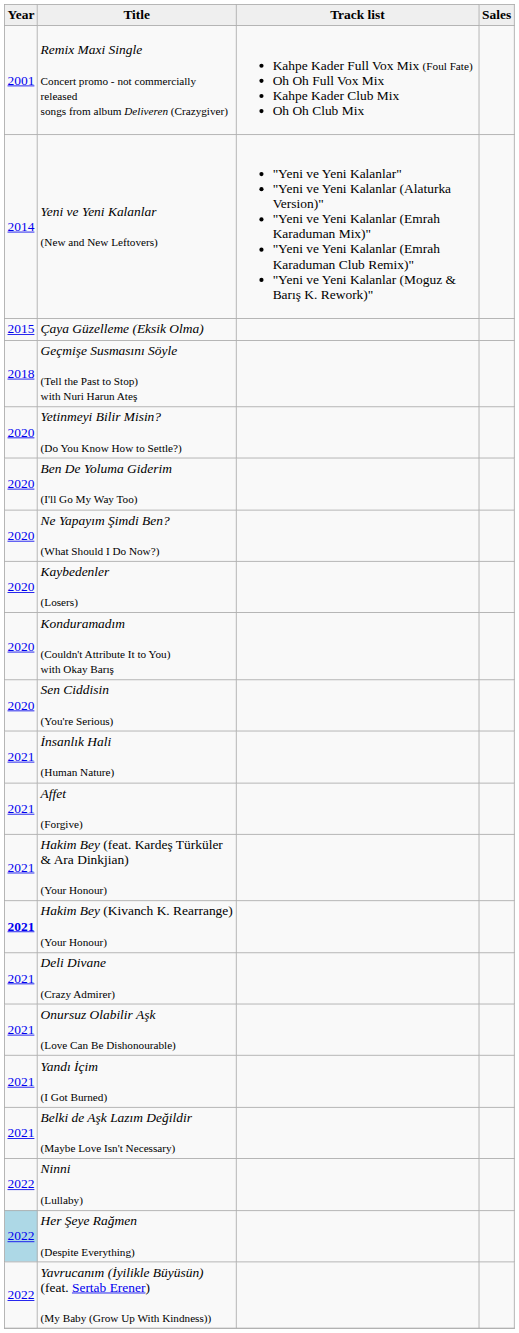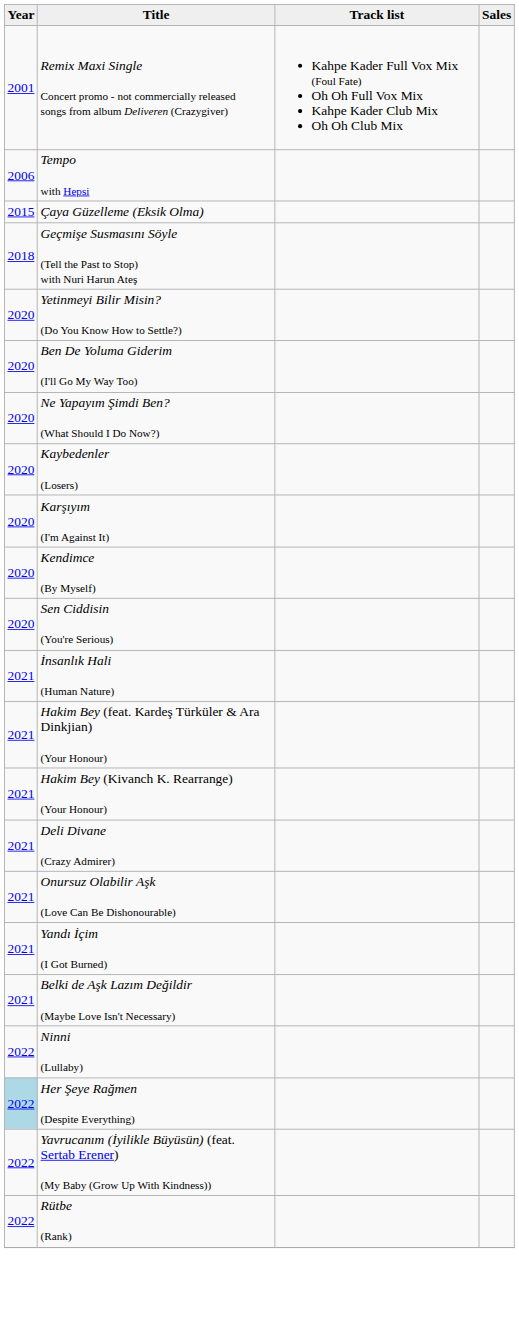 <table class="wikitable">
 <tr>
 <th style="background:#efefef;">Year</th>
 <th style="background:#efefef;">Title</th>
 <th style="background:#efefef;">Track list</th>
 <th style="background:#efefef;">Sales</th>
 </tr>
 <tr>
 <td><a href='#'>2001</a></td>
 <td><em>Remix Maxi Single</em><br><br><small>Concert promo - not commercially released</small> <br><small>songs from album <em>Deliveren</em> (Crazygiver)</small></td>
 <td><br><ul><li>Kahpe Kader Full Vox Mix <small>(Foul Fate)</small></li><li>Oh Oh Full Vox Mix</li><li>Kahpe Kader Club Mix</li><li>Oh Oh Club Mix</li></ul></td>
 <td></td>
 </tr>
 <tr>
-<td><a href='#'>2014</a></td>
-<td><em>Yeni ve Yeni Kalanlar</em><br><br><small>(New and New Leftovers)</small></td>
-<td><br><ul><li>"Yeni ve Yeni Kalanlar"</li><li>"Yeni ve Yeni Kalanlar (Alaturka Version)"</li><li>"Yeni ve Yeni Kalanlar (Emrah Karaduman Mix)"</li><li>"Yeni ve Yeni Kalanlar (Emrah Karaduman Club Remix)"</li><li>"Yeni ve Yeni Kalanlar (Moguz & Barış K. Rework)"</li></ul></td>
+<td><a href='#'>2006</a></td>
+<td><em>Tempo</em><br><br><small>with <a href='#'>Hepsi</a></small></td>
+<td></td>
 <td></td>
 </tr>
 <tr>
 <td><a href='#'>2015</a></td>
 <td><em>Çaya Güzelleme (Eksik Olma)</em></td>
 <td></td>
 <td></td>
 </tr>
 <tr>
 <td><a href='#'>2018</a></td>
 <td><em>Geçmişe Susmasını Söyle</em><br><br><small>(Tell the Past to Stop)</small> <br><small>with Nuri Harun Ateş</small></td>
 <td></td>
 <td></td>
 </tr>
 <tr>
 <td><a href='#'>2020</a></td>
 <td><em>Yetinmeyi Bilir Misin?</em><br><br><small>(Do You Know How to Settle?)</small></td>
 <td></td>
 <td></td>
 </tr>
 <tr>
 <td><a href='#'>2020</a></td>
 <td><em>Ben De Yoluma Giderim</em><br><br><small>(I'll Go My Way Too)</small></td>
 <td></td>
 <td></td>
 </tr>
 <tr>
 <td><a href='#'>2020</a></td>
 <td><em>Ne Yapayım Şimdi Ben?</em><br><br><small>(What Should I Do Now?)</small></td>
 <td></td>
 <td></td>
 </tr>
 <tr>
 <td><a href='#'>2020</a></td>
 <td><em>Kaybedenler</em><br><br><small>(Losers)</small></td>
 <td></td>
 <td></td>
 </tr>
 <tr>
 <td><a href='#'>2020</a></td>
-<td><em>Konduramadım</em><br><br><small>(Couldn't Attribute It to You)</small> <br><small>with Okay Barış</small></td>
+<td><em>Karşıyım</em><br><br><small>(I'm Against It)</small></td>
+<td></td>
+<td></td>
+</tr>
+<tr>
+<td><a href='#'>2020</a></td>
+<td><em>Kendimce</em><br><br><small>(By Myself)</small></td>
 <td></td>
 <td></td>
 </tr>
 <tr>
 <td><a href='#'>2020</a></td>
 <td><em>Sen Ciddisin</em><br><br><small>(You're Serious)</small></td>
 <td></td>
 <td></td>
 </tr>
 <tr>
 <td><a href='#'>2021</a></td>
 <td><em>İnsanlık Hali</em><br><br><small>(Human Nature)</small></td>
 <td></td>
 <td></td>
 </tr>
 <tr>
 <td><a href='#'>2021</a></td>
-<td><em>Affet</em><br><br><small>(Forgive)</small></td>
+<td><em>Hakim Bey</em> (feat. Kardeş Türküler & Ara Dinkjian)<br><br><small>(Your Honour)</small></td>
 <td></td>
 <td></td>
 </tr>
 <tr>
 <td><a href='#'>2021</a></td>
-<td><em>Hakim Bey</em> (feat. Kardeş Türküler & Ara Dinkjian)<br><br><small>(Your Honour)</small></td>
-<td></td>
-<td></td>
-</tr>
-<tr>
-<td><strong><a href='#'>2021</a></strong></td>
 <td><em>Hakim Bey</em> (Kivanch K. Rearrange)<br><br><small>(Your Honour)</small></td>
 <td></td>
 <td></td>
 </tr>
 <tr>
 <td><a href='#'>2021</a></td>
 <td><em>Deli Divane</em><br><br><small>(Crazy Admirer)</small></td>
 <td></td>
 <td></td>
 </tr>
 <tr>
 <td><a href='#'>2021</a></td>
 <td><em>Onursuz Olabilir Aşk</em><br><br><small>(Love Can Be Dishonourable)</small></td>
 <td></td>
 <td></td>
 </tr>
 <tr>
 <td><a href='#'>2021</a></td>
 <td><em>Yandı İçim</em><br><br><small>(I Got Burned)</small></td>
 <td></td>
 <td></td>
 </tr>
 <tr>
 <td><a href='#'>2021</a></td>
 <td><em>Belki de Aşk Lazım Değildir</em><br><br><small>(Maybe Love Isn't Necessary)</small></td>
 <td></td>
 <td></td>
 </tr>
 <tr>
 <td><a href='#'>2022</a></td>
 <td><em>Ninni</em><br><br><small>(Lullaby)</small></td>
 <td></td>
 <td></td>
 </tr>
 <tr>
 <td style="background: lightblue;"><a href='#'>2022</a></td>
 <td><em>Her Şeye Rağmen</em><br><br><small>(Despite Everything)</small></td>
 <td></td>
 <td></td>
 </tr>
 <tr>
 <td><a href='#'>2022</a></td>
 <td><em>Yavrucanım (İyilikle Büyüsün)</em> (feat. <a href='#'>Sertab Erener</a>)<br><br><small>(My Baby (Grow Up With Kindness))</small></td>
 <td></td>
 <td></td>
 </tr>
 <tr>
+<td><a href='#'>2022</a></td>
+<td><em>Rütbe</em><br><br><small>(Rank)</small></td>
+<td></td>
+<td></td>
+</tr>
+<tr>
 </tr>
 </table>
